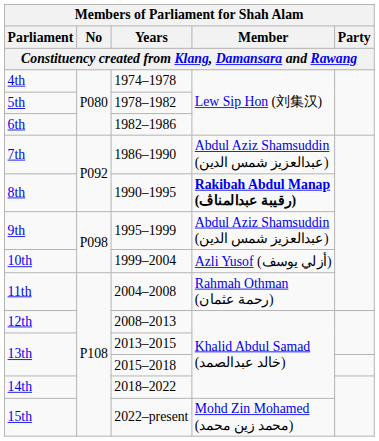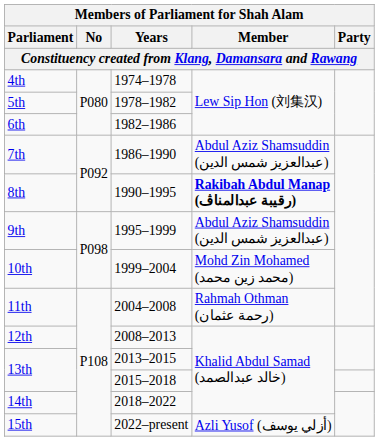 <table class=wikitable>
 <tr>
 <th colspan="5">Members of Parliament for Shah Alam</th>
 </tr>
 <tr>
 <th>Parliament</th>
 <th>No</th>
 <th>Years</th>
 <th>Member</th>
 <th>Party</th>
 </tr>
 <tr>
 <th colspan="5" align="center"><em>Constituency created from <a href='#'>Klang</a>, <a href='#'>Damansara</a> and <a href='#'>Rawang</a></em></th>
 </tr>
 <tr>
 <td><a href='#'>4th</a></td>
 <td rowspan="3">P080</td>
 <td>1974–1978</td>
 <td rowspan=3><a href='#'>Lew Sip Hon</a> (刘集汉)</td>
 <td rowspan="3"></td>
 </tr>
 <tr>
 <td><a href='#'>5th</a></td>
 <td>1978–1982</td>
 </tr>
 <tr>
 <td><a href='#'>6th</a></td>
 <td>1982–1986</td>
 </tr>
 <tr>
 <td><a href='#'>7th</a></td>
 <td rowspan="2">P092</td>
 <td>1986–1990</td>
 <td><a href='#'>Abdul Aziz Shamsuddin</a>  <br>(عبدالعزيز شمس الدين)</td>
 <td rowspan="5"></td>
 </tr>
 <tr>
 <td><a href='#'>8th</a></td>
 <td>1990–1995</td>
 <td><strong><a href='#'>Rakibah Abdul Manap</a> <br> (رقيبة عبدالمناڤ)</strong></td>
 </tr>
 <tr>
 <td><a href='#'>9th</a></td>
 <td rowspan="2">P098</td>
 <td>1995–1999</td>
 <td><a href='#'>Abdul Aziz Shamsuddin</a>  <br>(عبدالعزيز شمس الدين)</td>
 </tr>
 <tr>
 <td><a href='#'>10th</a></td>
 <td>1999–2004</td>
-<td><a href='#'>Azli Yusof</a> (أزلي يوسف)</td>
+<td><a href='#'>Mohd Zin Mohamed</a> <br> (محمد زين محمد)</td>
 </tr>
 <tr>
 <td><a href='#'>11th</a></td>
 <td rowspan="6">P108</td>
 <td>2004–2008</td>
 <td><a href='#'>Rahmah Othman</a> <br> (رحمة عثمان)</td>
 </tr>
 <tr>
 <td><a href='#'>12th</a></td>
 <td>2008–2013</td>
 <td rowspan=4><a href='#'>Khalid Abdul Samad</a> <br> (خالد عبدالصمد)</td>
 <td rowspan=2></td>
 </tr>
 <tr>
 <td rowspan=2><a href='#'>13th</a></td>
 <td>2013–2015</td>
 </tr>
 <tr>
 <td>2015–2018</td>
 <td></td>
 </tr>
 <tr>
 <td><a href='#'>14th</a></td>
 <td>2018–2022</td>
 <td rowspan="2"></td>
 </tr>
 <tr>
 <td><a href='#'>15th</a></td>
 <td>2022–present</td>
-<td><a href='#'>Mohd Zin Mohamed</a> <br> (محمد زين محمد)</td>
+<td><a href='#'>Azli Yusof</a> (أزلي يوسف)</td>
 </tr>
 </table>
